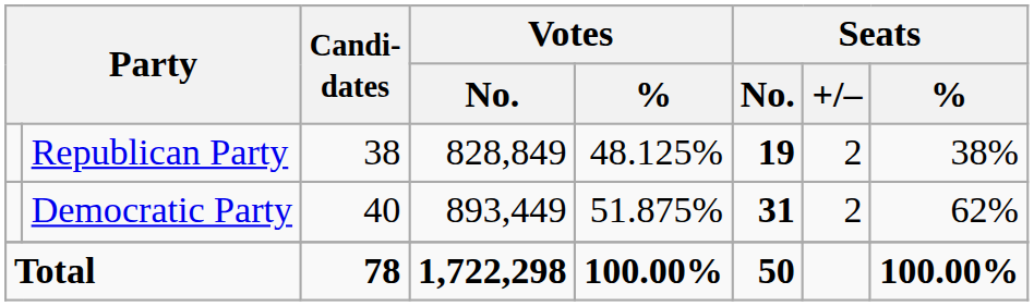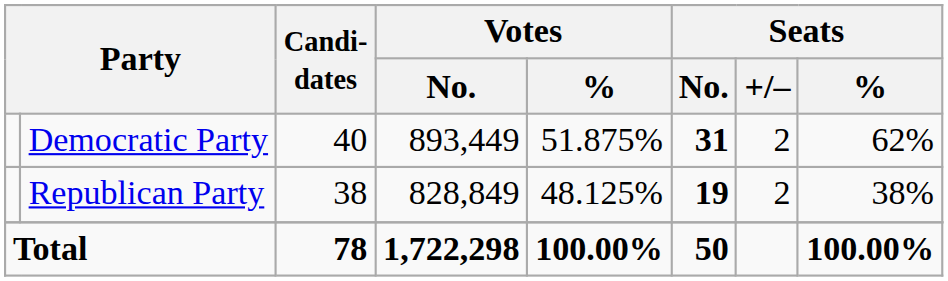 <table class="wikitable" style="font-size:100%; text-align:right;">
 <tr>
 <th colspan=2 rowspan=2>Party</th>
 <th rowspan=2><small>Candi-<br>dates</small></th>
 <th colspan=2>Votes</th>
 <th colspan=3>Seats</th>
 </tr>
 <tr>
 <th>No.</th>
 <th>%</th>
 <th>No.</th>
 <th>+/–</th>
 <th>%</th>
 </tr>
 <tr>
 <td style="background:"></td>
+<td align=left><a href='#'>Democratic Party</a></td>
+<td>40</td>
+<td>893,449</td>
+<td>51.875%</td>
+<td><strong>31</strong></td>
+<td>2</td>
+<td>62%</td>
+</tr>
+<tr>
+<td style="background:"></td>
 <td align=left><a href='#'>Republican Party</a></td>
 <td>38</td>
 <td>828,849</td>
 <td>48.125%</td>
 <td><strong>19</strong></td>
 <td>2</td>
 <td>38%</td>
-</tr>
-<tr>
-<td style="background:"></td>
-<td align=left><a href='#'>Democratic Party</a></td>
-<td>40</td>
-<td>893,449</td>
-<td>51.875%</td>
-<td><strong>31</strong></td>
-<td>2</td>
-<td>62%</td>
 </tr>
 <tr>
 </tr>
 <tr style="font-weight:bold">
 <td colspan=2 align=left>Total</td>
 <td>78</td>
 <td>1,722,298</td>
 <td>100.00%</td>
 <td>50</td>
 <td></td>
 <td>100.00%</td>
 </tr>
 </table>
